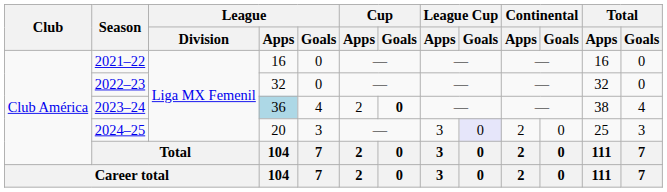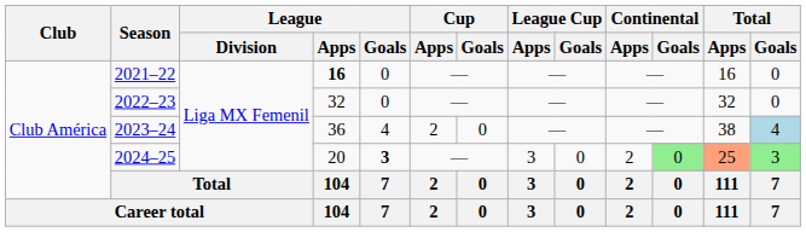 <table class="wikitable" style="text-align: center;">
 <tr>
 <th rowspan="2">Club</th>
 <th rowspan="2">Season</th>
 <th colspan="3">League</th>
 <th colspan="2">Cup </th>
 <th colspan="2">League Cup </th>
 <th colspan="2">Continental </th>
 <th colspan="2">Total</th>
 </tr>
 <tr>
 <th>Division</th>
 <th>Apps</th>
 <th>Goals</th>
 <th>Apps</th>
 <th>Goals</th>
 <th>Apps</th>
 <th>Goals</th>
 <th>Apps</th>
 <th>Goals</th>
 <th>Apps</th>
 <th>Goals</th>
 </tr>
 <tr>
 <td rowspan="5"><a href='#'>Club América</a></td>
 <td><a href='#'>2021–22</a></td>
 <td rowspan="4"><a href='#'>Liga MX Femenil</a></td>
-<td align="center">16</td>
+<td align="center"><strong>16</strong></td>
 <td align="center">0</td>
 <td colspan="2" align="center">—</td>
 <td colspan="2">—</td>
 <td colspan="2">—</td>
 <td align="center">16</td>
 <td align="center">0</td>
 </tr>
 <tr>
 <td><a href='#'>2022–23</a></td>
 <td align="center">32</td>
 <td align="center">0</td>
 <td colspan="2" align="center">—</td>
 <td colspan="2">—</td>
 <td colspan="2">—</td>
 <td align="center">32</td>
 <td align="center">0</td>
 </tr>
 <tr>
 <td><a href='#'>2023–24</a></td>
-<td align="center" style="background: lightblue;">36</td>
+<td align="center">36</td>
 <td align="center">4</td>
 <td align="center">2</td>
-<td align="center"><strong>0</strong></td>
+<td align="center">0</td>
 <td colspan="2">—</td>
 <td colspan="2">—</td>
 <td align="center">38</td>
-<td align="center">4</td>
+<td align="center" style="background: lightblue;">4</td>
 </tr>
 <tr>
 <td><a href='#'>2024–25</a></td>
 <td>20</td>
-<td>3</td>
+<td><strong>3</strong></td>
 <td colspan="2">—</td>
 <td>3</td>
-<td style="background: lavender;">0</td>
+<td>0</td>
 <td>2</td>
-<td>0</td>
-<td>25</td>
-<td>3</td>
+<td style="background: lightgreen;">0</td>
+<td style="background: lightsalmon;">25</td>
+<td style="background: lightgreen;">3</td>
 </tr>
 <tr>
 <th colspan="2">Total</th>
 <th>104</th>
 <th>7</th>
 <th>2</th>
 <th>0</th>
 <th>3</th>
 <th>0</th>
 <th>2</th>
 <th>0</th>
 <th>111</th>
 <th>7</th>
 </tr>
 <tr>
 <th colspan="3">Career total</th>
 <th>104</th>
 <th>7</th>
 <th>2</th>
 <th>0</th>
 <th>3</th>
 <th>0</th>
 <th>2</th>
 <th>0</th>
 <th>111</th>
 <th>7</th>
 </tr>
 </table>
